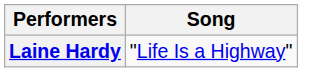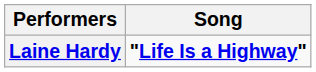 <table class="wikitable unsortable" style="text-align:center;">
 <tr>
 <th scope="col">Performers</th>
 <th scope="col">Song</th>
 </tr>
 <tr>
 <th scope="row"><a href='#'>Laine Hardy</a></th>
-<td>"<a href='#'>Life Is a Highway</a>"</td>
+<td><strong>"<a href='#'>Life Is a Highway</a>"</strong></td>
 </tr>
 </table>
